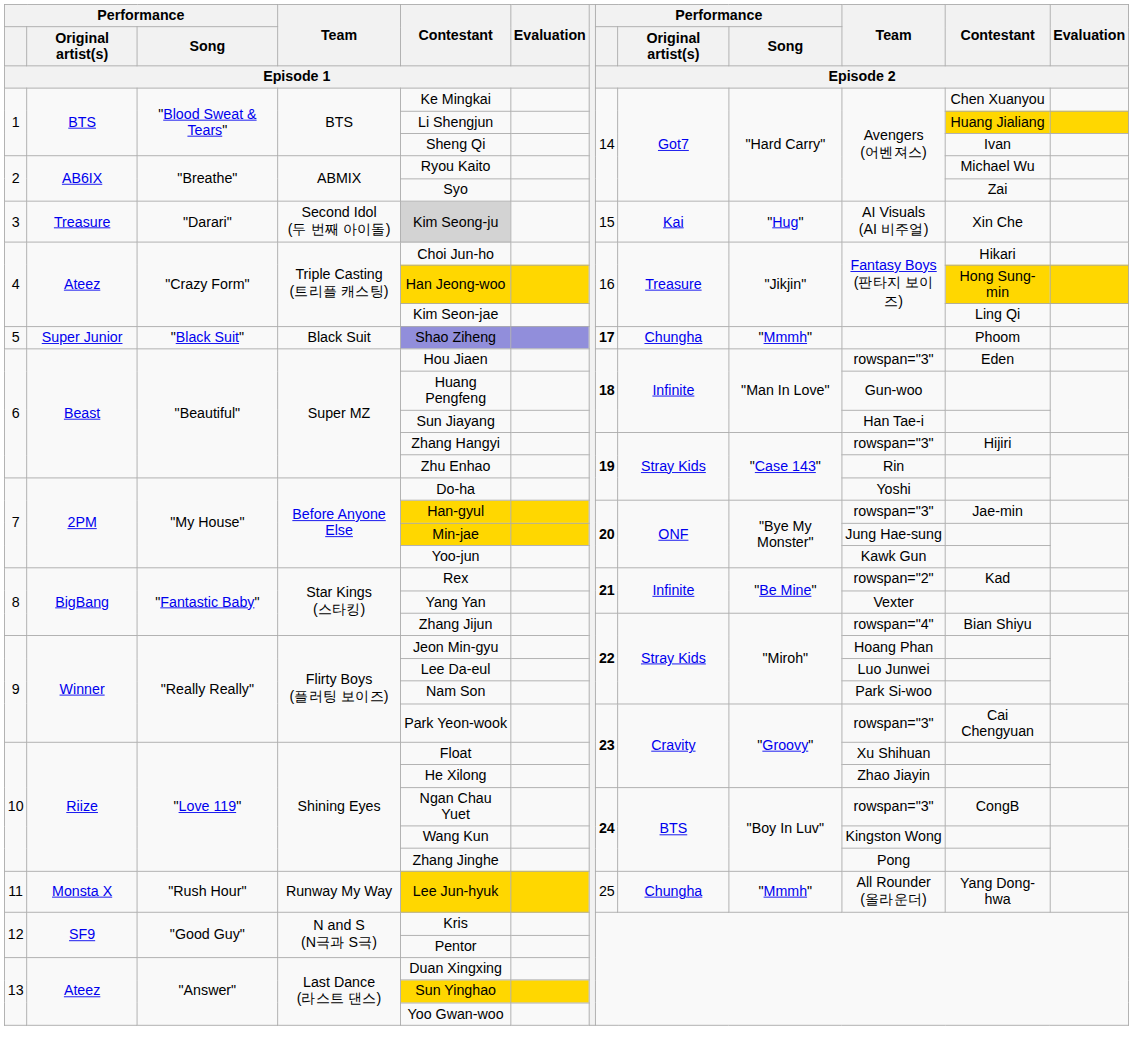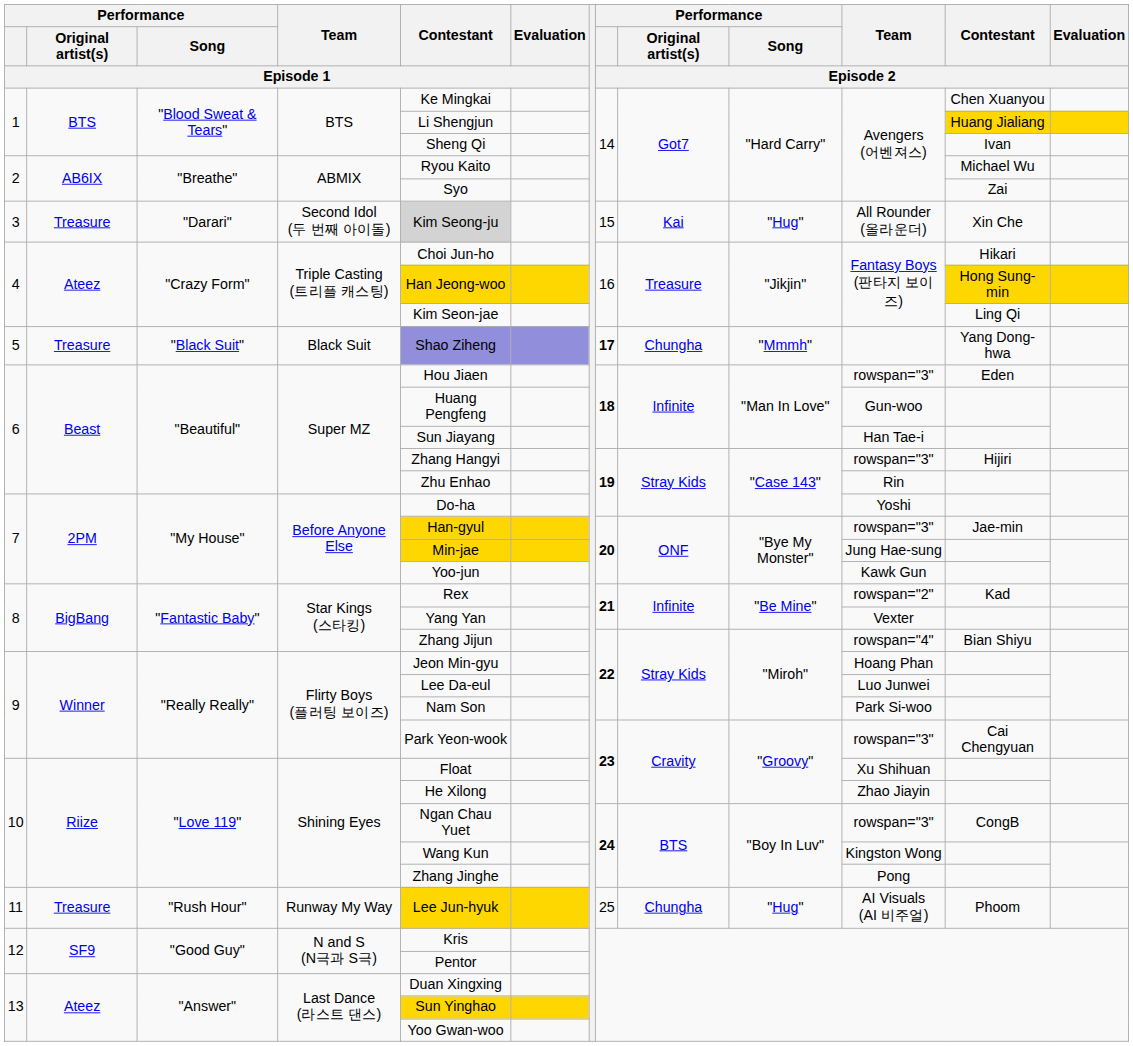 <table class="wikitable collapsible" style="width:100%; text-align:center">
 <tr>
 <th colspan="3">Performance</th>
 <th rowspan="2">Team</th>
 <th rowspan="2">Contestant</th>
 <th rowspan="2">Evaluation</th>
 <th rowspan="40"></th>
 <th colspan="3">Performance</th>
 <th rowspan="2">Team</th>
 <th rowspan="2">Contestant</th>
 <th rowspan="2">Evaluation</th>
 </tr>
 <tr>
 <th></th>
 <th>Original artist(s)</th>
 <th>Song</th>
 <th></th>
 <th>Original artist(s)</th>
 <th>Song</th>
 </tr>
 <tr>
 <th colspan="6">Episode 1</th>
 <th colspan="6">Episode 2</th>
 </tr>
 <tr>
 <td rowspan="3">1</td>
 <td rowspan="3"><a href='#'>BTS</a></td>
 <td rowspan="3">"<a href='#'>Blood Sweat & Tears</a>"</td>
 <td rowspan="3">BTS</td>
 <td>Ke Mingkai</td>
 <td></td>
 <td rowspan="5">14</td>
 <td rowspan="5"><a href='#'>Got7</a></td>
 <td rowspan="5">"Hard Carry"</td>
 <td rowspan="5">Avengers <br> (어벤져스)</td>
 <td>Chen Xuanyou</td>
 <td></td>
 </tr>
 <tr>
 <td>Li Shengjun</td>
 <td></td>
 <td style="background:Gold">Huang Jialiang</td>
 <td style="background:Gold"></td>
 </tr>
 <tr>
 <td>Sheng Qi</td>
 <td></td>
 <td>Ivan</td>
 <td></td>
 </tr>
 <tr>
 <td rowspan="2">2</td>
 <td rowspan="2"><a href='#'>AB6IX</a></td>
 <td rowspan="2">"Breathe"</td>
 <td rowspan="2">ABMIX</td>
 <td>Ryou Kaito</td>
 <td></td>
 <td>Michael Wu</td>
 <td></td>
 </tr>
 <tr>
 <td>Syo</td>
 <td></td>
 <td>Zai</td>
 <td></td>
 </tr>
 <tr>
 <td>3</td>
 <td><a href='#'>Treasure</a></td>
 <td>"Darari"</td>
 <td>Second Idol <br> (두 번째 아이돌)</td>
 <td style="background: lightgrey;">Kim Seong-ju</td>
 <td></td>
 <td>15</td>
 <td><a href='#'>Kai</a></td>
 <td>"<a href='#'>Hug</a>"</td>
-<td>AI Visuals <br> (AI 비주얼)</td>
+<td>All Rounder <br> (올라운더)</td>
 <td>Xin Che</td>
 <td></td>
 </tr>
 <tr>
 <td rowspan="3">4</td>
 <td rowspan="3"><a href='#'>Ateez</a></td>
 <td rowspan="3">"Crazy Form"</td>
 <td rowspan="3">Triple Casting <br> (트리플 캐스팅)</td>
 <td>Choi Jun-ho</td>
 <td></td>
 <td rowspan="3">16</td>
 <td rowspan="3"><a href='#'>Treasure</a></td>
 <td rowspan="3">"Jikjin"</td>
 <td rowspan="3"><a href='#'>Fantasy Boys</a> <br> (판타지 보이즈)</td>
 <td>Hikari</td>
 <td></td>
 </tr>
 <tr>
 <td style="background:Gold">Han Jeong-woo</td>
 <td style="background:Gold"></td>
 <td style="background:Gold">Hong Sung-min</td>
 <td style="background:Gold"></td>
 </tr>
 <tr>
 <td>Kim Seon-jae</td>
 <td></td>
 <td>Ling Qi</td>
 <td></td>
 </tr>
 <tr>
 <td>5</td>
-<td><a href='#'>Super Junior</a></td>
+<td><a href='#'>Treasure</a></td>
 <td>"<a href='#'>Black Suit</a>"</td>
 <td>Black Suit</td>
 <td style="background:#918EDB">Shao Ziheng</td>
 <td style="background:#918EDB"></td>
 <td><strong>17</strong></td>
 <td><a href='#'>Chungha</a></td>
 <td>"<a href='#'>Mmmh</a>"</td>
 <td></td>
-<td>Phoom</td>
+<td>Yang Dong-hwa</td>
 <td></td>
 </tr>
 <tr>
 <td rowspan="5">6</td>
 <td rowspan="5"><a href='#'>Beast</a></td>
 <td rowspan="5">"Beautiful"</td>
 <td rowspan="5">Super MZ</td>
 <td>Hou Jiaen</td>
 <td></td>
 <td rowspan="3"><strong>18</strong></td>
 <td rowspan="3"><a href='#'>Infinite</a></td>
 <td rowspan="3">"Man In Love"</td>
 <td>rowspan="3" </td>
 <td>Eden</td>
 <td></td>
 </tr>
 <tr>
 <td>Huang Pengfeng</td>
 <td></td>
 <td>Gun-woo</td>
 <td></td>
 </tr>
 <tr>
 <td>Sun Jiayang</td>
 <td></td>
 <td>Han Tae-i</td>
 <td></td>
 </tr>
 <tr>
 <td>Zhang Hangyi</td>
 <td></td>
 <td rowspan="3"><strong>19</strong></td>
 <td rowspan="3"><a href='#'>Stray Kids</a></td>
 <td rowspan="3">"<a href='#'>Case 143</a>"</td>
 <td>rowspan="3" </td>
 <td>Hijiri</td>
 <td></td>
 </tr>
 <tr>
 <td>Zhu Enhao</td>
 <td></td>
 <td>Rin</td>
 <td></td>
 </tr>
 <tr>
 <td rowspan="4">7</td>
 <td rowspan="4"><a href='#'>2PM</a></td>
 <td rowspan="4">"My House"</td>
 <td rowspan="4"><a href='#'>Before Anyone Else</a></td>
 <td>Do-ha</td>
 <td></td>
 <td>Yoshi</td>
 <td></td>
 </tr>
 <tr>
 <td style="background:Gold">Han-gyul</td>
 <td style="background:Gold"></td>
 <td rowspan="3"><strong>20</strong></td>
 <td rowspan="3"><a href='#'>ONF</a></td>
 <td rowspan="3">"Bye My Monster"</td>
 <td>rowspan="3" </td>
 <td>Jae-min</td>
 <td></td>
 </tr>
 <tr>
 <td style="background:Gold">Min-jae</td>
 <td style="background:Gold"></td>
 <td>Jung Hae-sung</td>
 <td></td>
 </tr>
 <tr>
 <td>Yoo-jun</td>
 <td></td>
 <td>Kawk Gun</td>
 <td></td>
 </tr>
 <tr>
 <td rowspan="3">8</td>
 <td rowspan="3"><a href='#'>BigBang</a></td>
 <td rowspan="3">"<a href='#'>Fantastic Baby</a>"</td>
 <td rowspan="3">Star Kings <br> (스타킹)</td>
 <td>Rex</td>
 <td></td>
 <td rowspan="2"><strong>21</strong></td>
 <td rowspan="2"><a href='#'>Infinite</a></td>
 <td rowspan="2">"<a href='#'>Be Mine</a>"</td>
 <td>rowspan="2" </td>
 <td>Kad</td>
 <td></td>
 </tr>
 <tr>
 <td>Yang Yan</td>
 <td></td>
 <td>Vexter</td>
 <td></td>
 </tr>
 <tr>
 <td>Zhang Jijun</td>
 <td></td>
 <td rowspan="4"><strong>22</strong></td>
 <td rowspan="4"><a href='#'>Stray Kids</a></td>
 <td rowspan="4">"Miroh"</td>
 <td>rowspan="4" </td>
 <td>Bian Shiyu</td>
 <td></td>
 </tr>
 <tr>
 <td rowspan="4">9</td>
 <td rowspan="4"><a href='#'>Winner</a></td>
 <td rowspan="4">"Really Really"</td>
 <td rowspan="4">Flirty Boys <br> (플러팅 보이즈)</td>
 <td>Jeon Min-gyu</td>
 <td></td>
 <td>Hoang Phan</td>
 <td></td>
 </tr>
 <tr>
 <td>Lee Da-eul</td>
 <td></td>
 <td>Luo Junwei</td>
 <td></td>
 </tr>
 <tr>
 <td>Nam Son</td>
 <td></td>
 <td>Park Si-woo</td>
 <td></td>
 </tr>
 <tr>
 <td>Park Yeon-wook</td>
 <td></td>
 <td rowspan="3"><strong>23</strong></td>
 <td rowspan="3"><a href='#'>Cravity</a></td>
 <td rowspan="3">"<a href='#'>Groovy</a>"</td>
 <td>rowspan="3" </td>
 <td>Cai Chengyuan</td>
 <td></td>
 </tr>
 <tr>
 <td rowspan="5">10</td>
 <td rowspan="5"><a href='#'>Riize</a></td>
 <td rowspan="5">"<a href='#'>Love 119</a>"</td>
 <td rowspan="5">Shining Eyes</td>
 <td>Float</td>
 <td></td>
 <td>Xu Shihuan</td>
 <td></td>
 </tr>
 <tr>
 <td>He Xilong</td>
 <td></td>
 <td>Zhao Jiayin</td>
 <td></td>
 </tr>
 <tr>
 <td>Ngan Chau Yuet</td>
 <td></td>
 <td rowspan="3"><strong>24</strong></td>
 <td rowspan="3"><a href='#'>BTS</a></td>
 <td rowspan="3">"Boy In Luv"</td>
 <td>rowspan="3" </td>
 <td>CongB</td>
 <td></td>
 </tr>
 <tr>
 <td>Wang Kun</td>
 <td></td>
 <td>Kingston Wong</td>
 <td></td>
 </tr>
 <tr>
 <td>Zhang Jinghe</td>
 <td></td>
 <td>Pong</td>
 <td></td>
 </tr>
 <tr>
 <td>11</td>
-<td><a href='#'>Monsta X</a></td>
+<td><a href='#'>Treasure</a></td>
 <td>"Rush Hour"</td>
 <td>Runway My Way</td>
 <td style="background:Gold">Lee Jun-hyuk</td>
 <td style="background:Gold"></td>
 <td>25</td>
 <td><a href='#'>Chungha</a></td>
-<td>"<a href='#'>Mmmh</a>"</td>
-<td>All Rounder <br> (올라운더)</td>
-<td>Yang Dong-hwa</td>
+<td>"<a href='#'>Hug</a>"</td>
+<td>AI Visuals <br> (AI 비주얼)</td>
+<td>Phoom</td>
 <td></td>
 </tr>
 <tr>
 <td rowspan="2">12</td>
 <td rowspan="2"><a href='#'>SF9</a></td>
 <td rowspan="2">"Good Guy"</td>
 <td rowspan="2">N and S <br> (N극과 S극)</td>
 <td>Kris</td>
 <td></td>
 </tr>
 <tr>
 <td>Pentor</td>
 <td></td>
 </tr>
 <tr>
 <td rowspan="3">13</td>
 <td rowspan="3"><a href='#'>Ateez</a></td>
 <td rowspan="3">"Answer"</td>
 <td rowspan="3">Last Dance <br> (라스트 댄스)</td>
 <td>Duan Xingxing</td>
 <td></td>
 </tr>
 <tr>
 <td style="background:Gold">Sun Yinghao</td>
 <td style="background:Gold"></td>
 </tr>
 <tr>
 <td>Yoo Gwan-woo</td>
 <td></td>
 </tr>
 </table>
